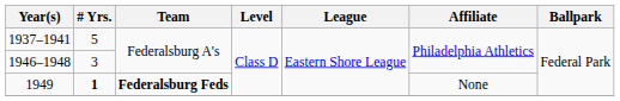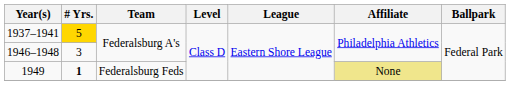 <table class="wikitable" style="text-align:center; font-size: 95%;">
 <tr>
 <th>Year(s)</th>
 <th># Yrs.</th>
 <th>Team</th>
 <th>Level</th>
 <th>League</th>
 <th>Affiliate</th>
 <th>Ballpark</th>
 </tr>
 <tr>
 <td>1937–1941</td>
-<td>5</td>
+<td style="background: gold;">5</td>
 <td rowspan=2>Federalsburg A's</td>
 <td rowspan=3><a href='#'>Class D</a></td>
 <td rowspan=3><a href='#'>Eastern Shore League</a></td>
 <td rowspan=2><a href='#'>Philadelphia Athletics</a></td>
 <td rowspan=3>Federal Park</td>
 </tr>
 <tr>
 <td>1946–1948</td>
 <td>3</td>
 </tr>
 <tr>
 <td>1949</td>
 <td><strong>1</strong></td>
-<td><strong>Federalsburg Feds</strong></td>
-<td>None</td>
+<td>Federalsburg Feds</td>
+<td style="background: khaki;">None</td>
 </tr>
 <tr>
 </tr>
 </table>
